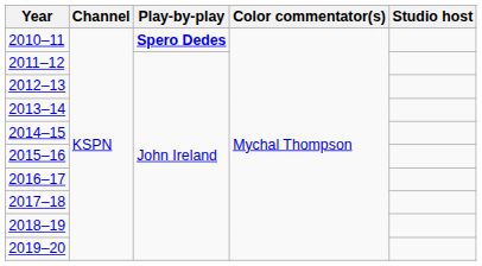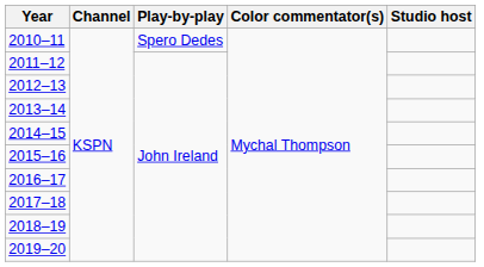 <table class="wikitable">
 <tr>
 <th>Year</th>
 <th>Channel</th>
 <th>Play-by-play</th>
 <th>Color commentator(s)</th>
 <th>Studio host</th>
 </tr>
 <tr>
 <td><a href='#'>2010–11</a></td>
 <td rowspan="10"><a href='#'>KSPN</a></td>
-<td><strong><a href='#'>Spero Dedes</a></strong></td>
+<td><a href='#'>Spero Dedes</a></td>
 <td rowspan="10"><a href='#'>Mychal Thompson</a></td>
 <td></td>
 </tr>
 <tr>
 <td><a href='#'>2011–12</a></td>
 <td rowspan="9"><a href='#'>John Ireland</a></td>
 <td></td>
 </tr>
 <tr>
 <td><a href='#'>2012–13</a></td>
 <td></td>
 </tr>
 <tr>
 <td><a href='#'>2013–14</a></td>
 <td></td>
 </tr>
 <tr>
 <td><a href='#'>2014–15</a></td>
 <td></td>
 </tr>
 <tr>
 <td><a href='#'>2015–16</a></td>
 <td></td>
 </tr>
 <tr>
 <td><a href='#'>2016–17</a></td>
 <td></td>
 </tr>
 <tr>
 <td><a href='#'>2017–18</a></td>
 <td></td>
 </tr>
 <tr>
 <td><a href='#'>2018–19</a></td>
 <td></td>
 </tr>
 <tr>
 <td><a href='#'>2019–20</a></td>
 <td></td>
 </tr>
 </table>
